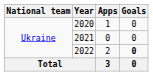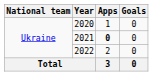 <table class="wikitable" style="text-align:center">
 <tr>
 <th>National team</th>
 <th>Year</th>
 <th>Apps</th>
 <th>Goals</th>
 </tr>
 <tr>
 <td rowspan="3"><a href='#'>Ukraine</a></td>
 <td>2020</td>
 <td>1</td>
 <td>0</td>
 </tr>
 <tr>
 <td>2021</td>
-<td>0</td>
+<td><strong>0</strong></td>
 <td>0</td>
 </tr>
 <tr>
 <td>2022</td>
 <td>2</td>
-<td><strong>0</strong></td>
+<td>0</td>
 </tr>
 <tr>
 <th colspan="2">Total</th>
 <th>3</th>
 <th>0</th>
 </tr>
 </table>
